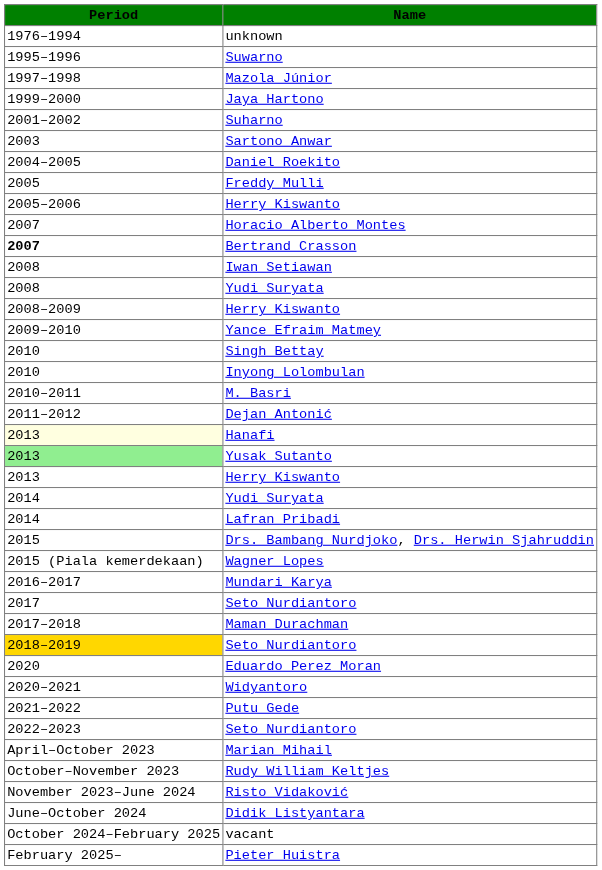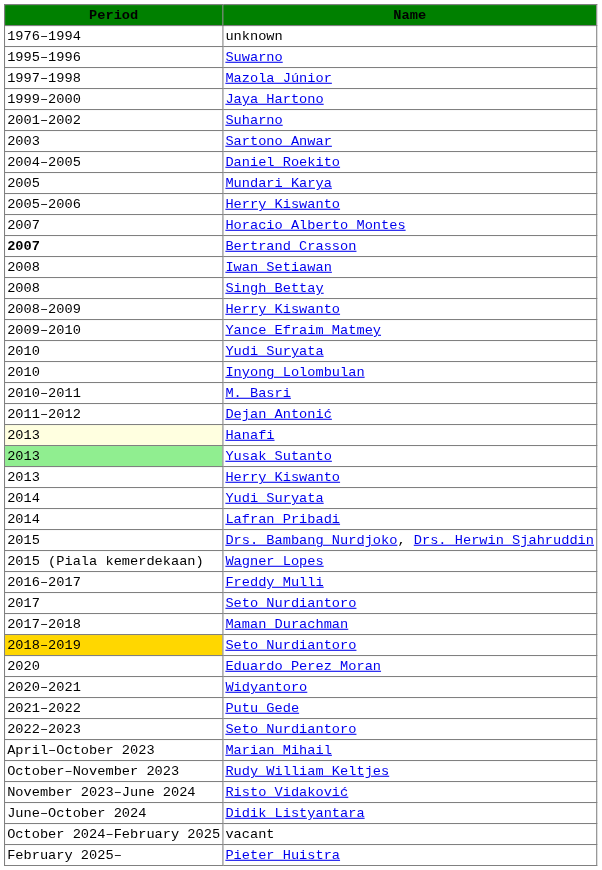 <table border="1" cellpadding="2" style="border-collapse: collapse;">
 <tr>
 <th style="background:green" colspan="1"><span>Period</span></th>
 <th style="background:green"><span>Name</span></th>
 </tr>
 <tr>
 <td>1976–1994</td>
 <td>unknown</td>
 </tr>
 <tr>
 <td>1995–1996</td>
 <td> <a href='#'>Suwarno</a></td>
 </tr>
 <tr>
 <td>1997–1998</td>
 <td> <a href='#'>Mazola Júnior</a></td>
 </tr>
 <tr>
 <td>1999–2000</td>
 <td> <a href='#'>Jaya Hartono</a></td>
 </tr>
 <tr>
 <td>2001–2002</td>
 <td> <a href='#'>Suharno</a></td>
 </tr>
 <tr>
 <td>2003</td>
 <td> <a href='#'>Sartono Anwar</a></td>
 </tr>
 <tr>
 <td>2004–2005</td>
 <td> <a href='#'>Daniel Roekito</a></td>
 </tr>
 <tr>
 <td>2005</td>
-<td> <a href='#'>Freddy Mulli</a></td>
+<td> <a href='#'>Mundari Karya</a></td>
 </tr>
 <tr>
 <td>2005–2006</td>
 <td> <a href='#'>Herry Kiswanto</a></td>
 </tr>
 <tr>
 <td>2007</td>
 <td> <a href='#'>Horacio Alberto Montes</a></td>
 </tr>
 <tr>
 <td><strong>2007</strong></td>
 <td> <a href='#'>Bertrand Crasson</a></td>
 </tr>
 <tr>
 <td>2008</td>
 <td> <a href='#'>Iwan Setiawan</a></td>
 </tr>
 <tr>
 <td>2008</td>
-<td> <a href='#'>Yudi Suryata</a></td>
+<td> <a href='#'>Singh Bettay</a></td>
 </tr>
 <tr>
 <td>2008–2009</td>
 <td> <a href='#'>Herry Kiswanto</a></td>
 </tr>
 <tr>
 <td>2009–2010</td>
 <td> <a href='#'>Yance Efraim Matmey</a></td>
 </tr>
 <tr>
 <td>2010</td>
-<td> <a href='#'>Singh Bettay</a></td>
+<td> <a href='#'>Yudi Suryata</a></td>
 </tr>
 <tr>
 <td>2010</td>
 <td> <a href='#'>Inyong Lolombulan</a></td>
 </tr>
 <tr>
 <td>2010–2011</td>
 <td> <a href='#'>M. Basri</a></td>
 </tr>
 <tr>
 <td>2011–2012</td>
 <td> <a href='#'>Dejan Antonić</a></td>
 </tr>
 <tr>
 <td style="background: lightyellow;">2013</td>
 <td> <a href='#'>Hanafi</a></td>
 </tr>
 <tr>
 <td style="background: lightgreen;">2013</td>
 <td> <a href='#'>Yusak Sutanto</a></td>
 </tr>
 <tr>
 <td>2013</td>
 <td> <a href='#'>Herry Kiswanto</a></td>
 </tr>
 <tr>
 <td>2014</td>
 <td> <a href='#'>Yudi Suryata</a></td>
 </tr>
 <tr>
 <td>2014</td>
 <td> <a href='#'>Lafran Pribadi</a></td>
 </tr>
 <tr>
 <td>2015</td>
 <td> <a href='#'>Drs. Bambang Nurdjoko</a>, <a href='#'>Drs. Herwin Sjahruddin</a></td>
 </tr>
 <tr>
 <td>2015 (Piala kemerdekaan)</td>
 <td> <a href='#'>Wagner Lopes</a></td>
 </tr>
 <tr>
 <td>2016–2017</td>
-<td> <a href='#'>Mundari Karya</a></td>
+<td> <a href='#'>Freddy Mulli</a></td>
 </tr>
 <tr>
 <td>2017</td>
 <td> <a href='#'>Seto Nurdiantoro</a></td>
 </tr>
 <tr>
 <td>2017–2018</td>
 <td> <a href='#'>Maman Durachman</a></td>
 </tr>
 <tr>
 <td style="background: gold;">2018–2019</td>
 <td> <a href='#'>Seto Nurdiantoro</a></td>
 </tr>
 <tr>
 <td>2020</td>
 <td> <a href='#'>Eduardo Perez Moran</a></td>
 </tr>
 <tr>
 <td>2020–2021</td>
 <td> <a href='#'>Widyantoro</a></td>
 </tr>
 <tr>
 <td>2021–2022</td>
 <td> <a href='#'>Putu Gede</a></td>
 </tr>
 <tr>
 <td>2022–2023</td>
 <td> <a href='#'>Seto Nurdiantoro</a></td>
 </tr>
 <tr>
 <td>April–October 2023</td>
 <td> <a href='#'>Marian Mihail</a></td>
 </tr>
 <tr>
 <td>October–November 2023</td>
 <td> <a href='#'>Rudy William Keltjes</a></td>
 </tr>
 <tr>
 <td>November 2023–June 2024</td>
 <td> <a href='#'>Risto Vidaković</a></td>
 </tr>
 <tr>
 <td>June–October 2024</td>
 <td> <a href='#'>Didik Listyantara</a></td>
 </tr>
 <tr>
 <td>October 2024–February 2025</td>
 <td>vacant</td>
 </tr>
 <tr>
 <td>February 2025–</td>
 <td> <a href='#'>Pieter Huistra</a></td>
 </tr>
 </table>
